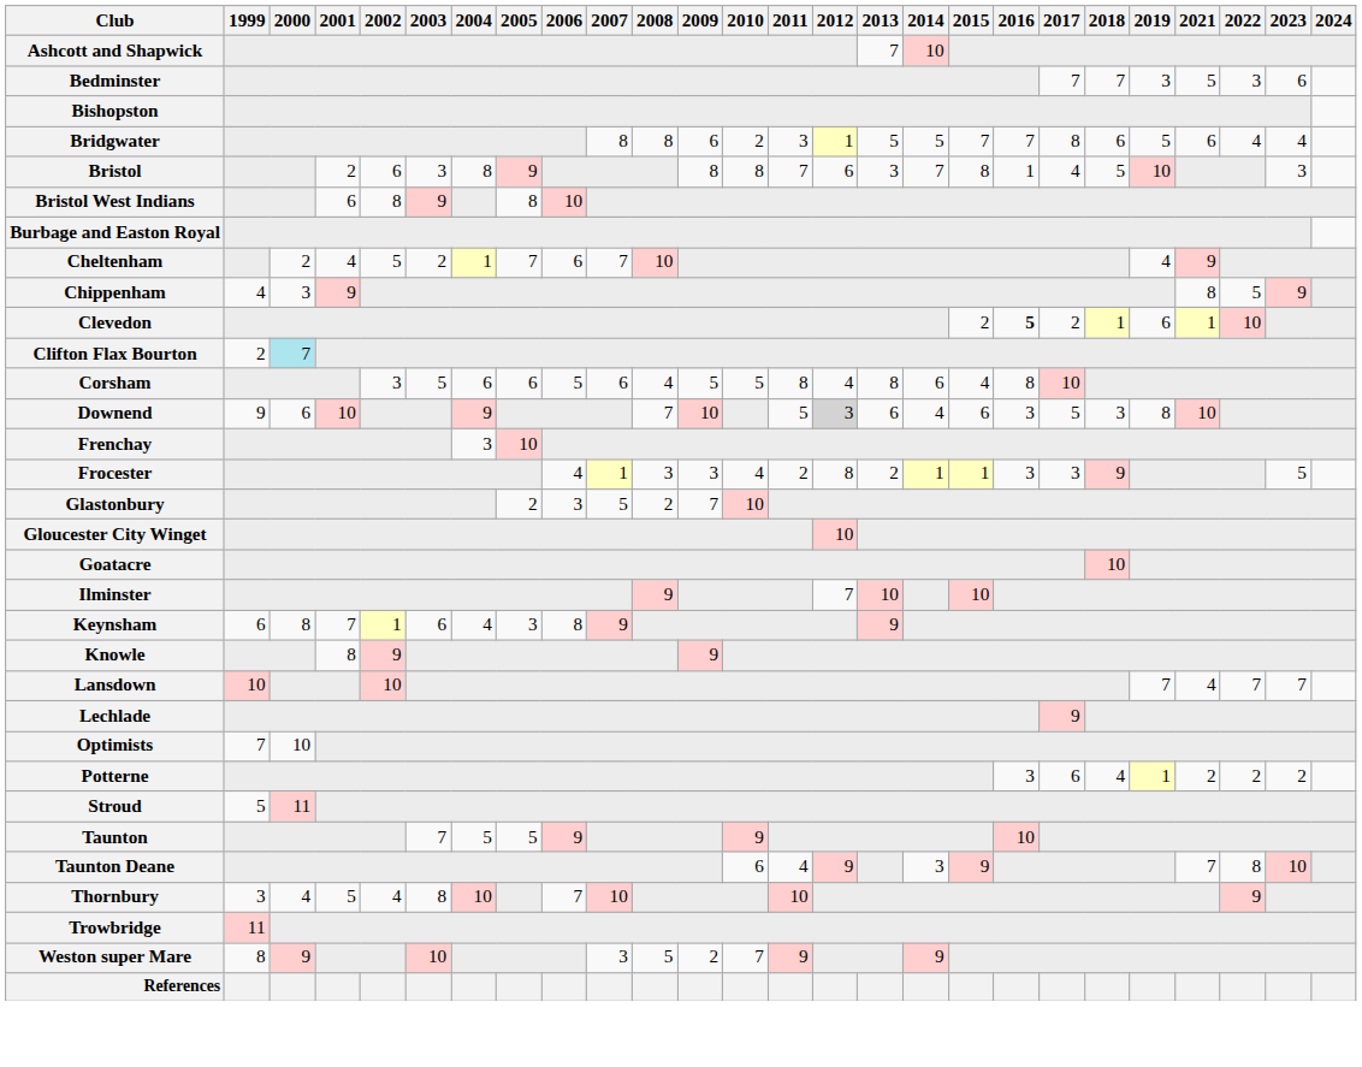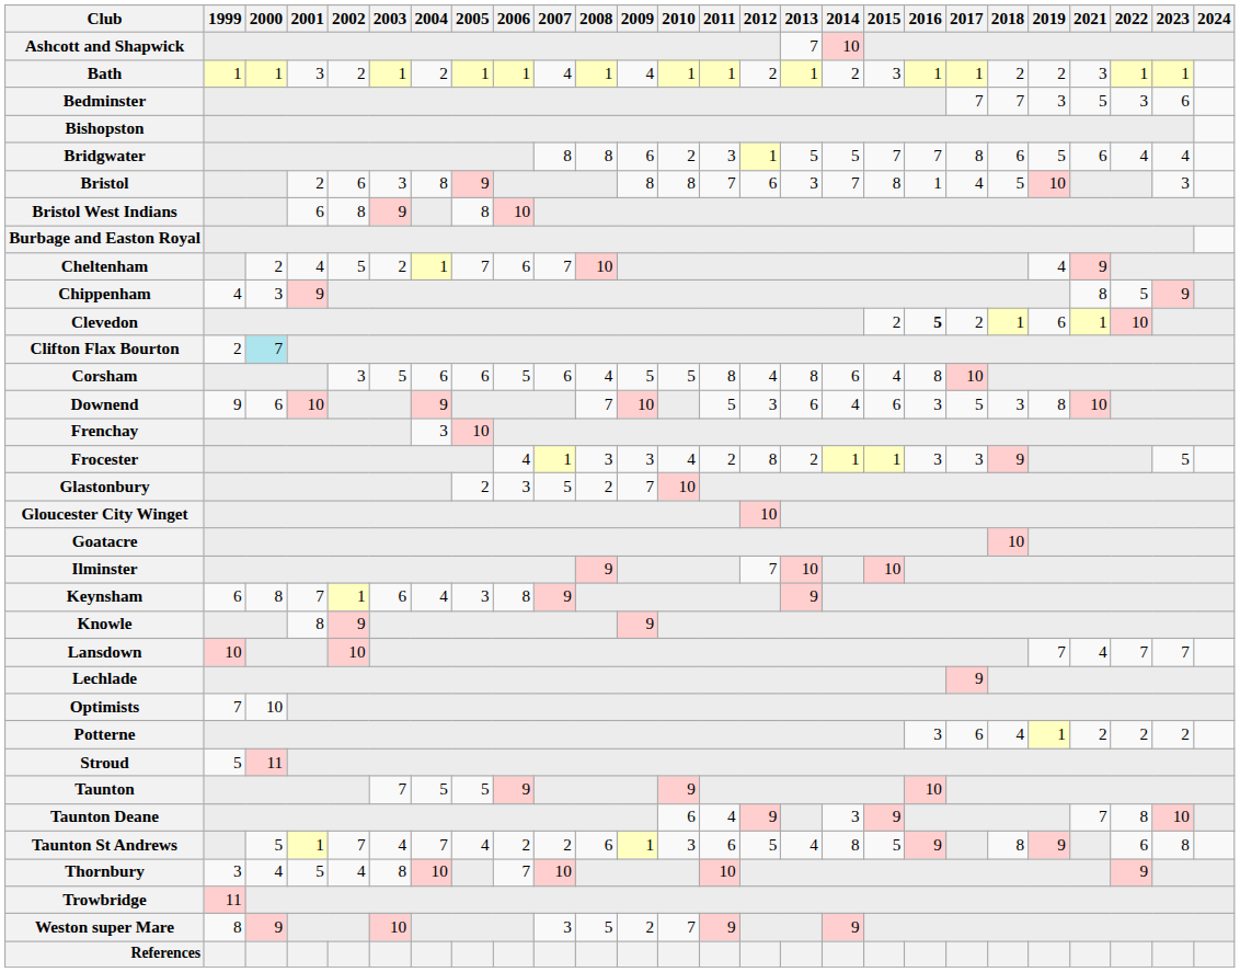 <table class="wikitable plainrowheaders" style="font-size:85%; text-align: right;">
 <tr>
 <th scope="col">Club</th>
 <th scope="col">1999</th>
 <th scope="col">2000</th>
 <th scope="col">2001</th>
 <th scope="col">2002</th>
 <th scope="col">2003</th>
 <th scope="col">2004</th>
 <th scope="col">2005</th>
 <th scope="col">2006</th>
 <th scope="col">2007</th>
 <th scope="col">2008</th>
 <th scope="col">2009</th>
 <th scope="col">2010</th>
 <th scope="col">2011</th>
 <th scope="col">2012</th>
 <th scope="col">2013</th>
 <th scope="col">2014</th>
 <th scope="col">2015</th>
 <th scope="col">2016</th>
 <th scope="col">2017</th>
 <th scope="col">2018</th>
 <th scope="col">2019</th>
 <th scope="col">2021</th>
 <th scope="col">2022</th>
 <th scope="col">2023</th>
 <th scope="col">2024</th>
 </tr>
 <tr>
 <th scope="row">Ashcott and Shapwick</th>
 <td bgcolor="#ececec" colspan="14"></td>
 <td>7</td>
 <td bgcolor="#ffcfcf">10</td>
 <td bgcolor="#ececec" colspan="9"></td>
+</tr>
+<tr>
+<th scope="row">Bath</th>
+<td bgcolor="#ffffbf">1</td>
+<td bgcolor="#ffffbf">1</td>
+<td>3</td>
+<td>2</td>
+<td bgcolor="#ffffbf">1</td>
+<td>2</td>
+<td bgcolor="#ffffbf">1</td>
+<td bgcolor="#ffffbf">1</td>
+<td>4</td>
+<td bgcolor="#ffffbf">1</td>
+<td>4</td>
+<td bgcolor="#ffffbf">1</td>
+<td bgcolor="#ffffbf">1</td>
+<td>2</td>
+<td bgcolor="#ffffbf">1</td>
+<td>2</td>
+<td>3</td>
+<td bgcolor="#ffffbf">1</td>
+<td bgcolor="#ffffbf">1</td>
+<td>2</td>
+<td>2</td>
+<td>3</td>
+<td bgcolor="#ffffbf">1</td>
+<td bgcolor="#ffffbf">1</td>
+<td></td>
 </tr>
 <tr>
 <th scope="row">Bedminster</th>
 <td bgcolor="#ececec" colspan="18"></td>
 <td>7</td>
 <td>7</td>
 <td>3</td>
 <td>5</td>
 <td>3</td>
 <td>6</td>
 <td></td>
 </tr>
 <tr>
 <th scope="row">Bishopston</th>
 <td bgcolor="#ececec" colspan="24"></td>
 <td></td>
 </tr>
 <tr>
 <th scope="row">Bridgwater</th>
 <td bgcolor="#ececec" colspan="8"></td>
 <td>8</td>
 <td>8</td>
 <td>6</td>
 <td>2</td>
 <td>3</td>
 <td bgcolor="#ffffbf">1</td>
 <td>5</td>
 <td>5</td>
 <td>7</td>
 <td>7</td>
 <td>8</td>
 <td>6</td>
 <td>5</td>
 <td>6</td>
 <td>4</td>
 <td>4</td>
 <td></td>
 </tr>
 <tr>
 <th scope="row">Bristol </th>
 <td bgcolor="#ececec" colspan="2"></td>
 <td>2</td>
 <td>6</td>
 <td>3</td>
 <td>8</td>
 <td bgcolor="#ffcfcf">9</td>
 <td bgcolor="#ececec" colspan="3"></td>
 <td>8</td>
 <td>8</td>
 <td>7</td>
 <td>6</td>
 <td>3</td>
 <td>7</td>
 <td>8</td>
 <td>1</td>
 <td>4</td>
 <td>5</td>
 <td bgcolor="#ffcfcf">10</td>
 <td bgcolor="#ececec" colspan="2"></td>
 <td>3</td>
 <td></td>
 </tr>
 <tr>
 <th scope="row">Bristol West Indians</th>
 <td bgcolor="#ececec" colspan="2"></td>
 <td>6</td>
 <td>8</td>
 <td bgcolor="#ffcfcf">9</td>
 <td bgcolor="#ececec"></td>
 <td>8</td>
 <td bgcolor="#ffcfcf">10</td>
 <td bgcolor="#ececec" colspan="17"></td>
 </tr>
 <tr>
 <th scope="row">Burbage and Easton Royal</th>
 <td bgcolor="#ececec" colspan="24"></td>
 <td></td>
 </tr>
 <tr>
 <th scope="row">Cheltenham</th>
 <td bgcolor="#ececec"></td>
 <td>2</td>
 <td>4</td>
 <td>5</td>
 <td>2</td>
 <td bgcolor="#ffffbf">1</td>
 <td>7</td>
 <td>6</td>
 <td>7</td>
 <td bgcolor="#ffcfcf">10</td>
 <td bgcolor="#ececec" colspan="10"></td>
 <td>4</td>
 <td bgcolor="#ffcfcf">9</td>
 <td bgcolor="#ececec" colspan="3"></td>
 </tr>
 <tr>
 <th scope="row">Chippenham</th>
 <td>4</td>
 <td>3</td>
 <td bgcolor="#ffcfcf">9</td>
 <td bgcolor="#ececec" colspan="18"></td>
 <td>8</td>
 <td>5</td>
 <td bgcolor="#ffcfcf">9</td>
 <td bgcolor="#ececec" colspan="1"></td>
 </tr>
 <tr>
 <th scope="row">Clevedon</th>
 <td bgcolor="#ececec" colspan="16"></td>
 <td>2</td>
 <td><strong>5</strong></td>
 <td>2</td>
 <td bgcolor="#ffffbf">1</td>
 <td>6</td>
 <td bgcolor="#ffffbf">1</td>
 <td bgcolor="#ffcfcf">10</td>
 <td bgcolor="#ececec" colspan="2"></td>
 </tr>
 <tr>
 <th scope="row">Clifton Flax Bourton </th>
 <td>2</td>
 <td bgcolor="#ace5ee">7</td>
 <td bgcolor="#ececec" colspan="23"></td>
 </tr>
 <tr>
 <th scope="row">Corsham</th>
 <td bgcolor="#ececec" colspan="3"></td>
 <td>3</td>
 <td>5</td>
 <td>6</td>
 <td>6</td>
 <td>5</td>
 <td>6</td>
 <td>4</td>
 <td>5</td>
 <td>5</td>
 <td>8</td>
 <td>4</td>
 <td>8</td>
 <td>6</td>
 <td>4</td>
 <td>8</td>
 <td bgcolor="#ffcfcf">10</td>
 <td bgcolor="#ececec" colspan="6"></td>
 </tr>
 <tr>
 <th scope="row">Downend</th>
 <td>9</td>
 <td>6</td>
 <td bgcolor="#ffcfcf">10</td>
 <td bgcolor="#ececec" colspan="2"></td>
 <td bgcolor="#ffcfcf">9</td>
 <td bgcolor="#ececec" colspan="3"></td>
 <td>7</td>
 <td bgcolor="#ffcfcf">10</td>
 <td bgcolor="#ececec"></td>
 <td>5</td>
-<td style="background: lightgrey;">3</td>
+<td>3</td>
 <td>6</td>
 <td>4</td>
 <td>6</td>
 <td>3</td>
 <td>5</td>
 <td>3</td>
 <td>8</td>
 <td bgcolor="#ffcfcf">10</td>
 <td bgcolor="#ececec" colspan="3"></td>
 </tr>
 <tr>
 <th scope="row">Frenchay</th>
 <td bgcolor="#ececec" colspan="5"></td>
 <td>3</td>
 <td bgcolor="#ffcfcf">10</td>
 <td bgcolor="#ececec" colspan="18"></td>
 </tr>
 <tr>
 <th scope="row">Frocester</th>
 <td bgcolor="#ececec" colspan="7"></td>
 <td>4</td>
 <td bgcolor="#ffffbf">1</td>
 <td>3</td>
 <td>3</td>
 <td>4</td>
 <td>2</td>
 <td>8</td>
 <td>2</td>
 <td bgcolor="#ffffbf">1</td>
 <td bgcolor="#ffffbf">1</td>
 <td>3</td>
 <td>3</td>
 <td bgcolor="#ffcfcf">9</td>
 <td bgcolor="#ececec" colspan="3"></td>
 <td>5</td>
 <td></td>
 </tr>
 <tr>
 <th scope="row">Glastonbury</th>
 <td bgcolor="#ececec" colspan="6"></td>
 <td>2</td>
 <td>3</td>
 <td>5</td>
 <td>2</td>
 <td>7</td>
 <td bgcolor="#ffcfcf">10</td>
 <td bgcolor="#ececec" colspan="13"></td>
 </tr>
 <tr>
 <th scope="row">Gloucester City Winget</th>
 <td bgcolor="#ececec" colspan="13"></td>
 <td bgcolor="#ffcfcf">10</td>
 <td bgcolor="#ececec" colspan="11"></td>
 </tr>
 <tr>
 <th scope="row">Goatacre</th>
 <td bgcolor="#ececec" colspan="19"></td>
 <td bgcolor="#ffcfcf">10</td>
 <td bgcolor="#ececec" colspan="5"></td>
 </tr>
 <tr>
 <th scope="row">Ilminster</th>
 <td bgcolor="#ececec" colspan="9"></td>
 <td bgcolor="#ffcfcf">9</td>
 <td bgcolor="#ececec" colspan="3"></td>
 <td>7</td>
 <td bgcolor="#ffcfcf">10</td>
 <td bgcolor="#ececec"></td>
 <td bgcolor="#ffcfcf">10</td>
 <td bgcolor="#ececec" colspan="8"></td>
 </tr>
 <tr>
 <th scope="row">Keynsham</th>
 <td>6</td>
 <td>8</td>
 <td>7</td>
 <td bgcolor="#ffffbf">1</td>
 <td>6</td>
 <td>4</td>
 <td>3</td>
 <td>8</td>
 <td bgcolor="#ffcfcf">9</td>
 <td bgcolor="#ececec" colspan="5"></td>
 <td bgcolor="#ffcfcf">9</td>
 <td bgcolor="#ececec" colspan="10"></td>
 </tr>
 <tr>
 <th scope="row">Knowle</th>
 <td bgcolor="#ececec" colspan="2"></td>
 <td>8</td>
 <td bgcolor="#ffcfcf">9</td>
 <td bgcolor="#ececec" colspan="6"></td>
 <td bgcolor="#ffcfcf">9</td>
 <td bgcolor="#ececec" colspan="14"></td>
 </tr>
 <tr>
 <th scope="row">Lansdown</th>
 <td bgcolor="#ffcfcf">10</td>
 <td bgcolor="#ececec" colspan="2"></td>
 <td bgcolor="#ffcfcf">10</td>
 <td bgcolor="#ececec" colspan="16"></td>
 <td>7</td>
 <td>4</td>
 <td>7</td>
 <td>7</td>
 <td></td>
 </tr>
 <tr>
 <th scope="row">Lechlade</th>
 <td bgcolor="#ececec" colspan="18"></td>
 <td bgcolor="#ffcfcf">9</td>
 <td bgcolor="#ececec" colspan="6"></td>
 </tr>
 <tr>
 <th scope="row">Optimists </th>
 <td>7</td>
 <td>10</td>
 <td bgcolor="#ececec" colspan="23"></td>
 </tr>
 <tr>
 <th scope="row">Potterne</th>
 <td bgcolor="#ececec" colspan="17"></td>
 <td>3</td>
 <td>6</td>
 <td>4</td>
 <td bgcolor="#ffffbf">1</td>
 <td>2</td>
 <td>2</td>
 <td>2</td>
 <td></td>
 </tr>
 <tr>
 <th scope="row">Stroud</th>
 <td>5</td>
 <td bgcolor="#ffcfcf">11</td>
 <td bgcolor="#ececec" colspan="23"></td>
 </tr>
 <tr>
 <th scope="row">Taunton</th>
 <td bgcolor="#ececec" colspan="4"></td>
 <td>7</td>
 <td>5</td>
 <td>5</td>
 <td bgcolor="#ffcfcf">9</td>
 <td bgcolor="#ececec" colspan="3"></td>
 <td bgcolor="#ffcfcf">9</td>
 <td bgcolor="#ececec" colspan="5"></td>
 <td bgcolor="#ffcfcf">10</td>
 <td bgcolor="#ececec" colspan="7"></td>
 </tr>
 <tr>
 <th scope="row">Taunton Deane</th>
 <td bgcolor="#ececec" colspan="11"></td>
 <td>6</td>
 <td>4</td>
 <td bgcolor="#ffcfcf">9</td>
 <td bgcolor="#ececec"></td>
 <td>3</td>
 <td bgcolor="#ffcfcf">9</td>
 <td bgcolor="#ececec" colspan="4"></td>
 <td>7</td>
 <td>8</td>
 <td bgcolor="#ffcfcf">10</td>
 <td bgcolor="#ececec" colspan="1"></td>
 </tr>
 <tr>
+<th scope="row">Taunton St Andrews</th>
+<td bgcolor="#ececec"></td>
+<td>5</td>
+<td bgcolor="#ffffbf">1</td>
+<td>7</td>
+<td>4</td>
+<td>7</td>
+<td>4</td>
+<td>2</td>
+<td>2</td>
+<td>6</td>
+<td bgcolor="#ffffbf">1</td>
+<td>3</td>
+<td>6</td>
+<td>5</td>
+<td>4</td>
+<td>8</td>
+<td>5</td>
+<td bgcolor="#ffcfcf">9</td>
+<td bgcolor="#ececec"></td>
+<td>8</td>
+<td bgcolor="#ffcfcf">9</td>
+<td bgcolor="#ececec" colspan="1"></td>
+<td>6</td>
+<td>8</td>
+<td></td>
+</tr>
+<tr>
 <th scope="row">Thornbury</th>
 <td>3</td>
 <td>4</td>
 <td>5</td>
 <td>4</td>
 <td>8</td>
 <td bgcolor="#ffcfcf">10</td>
 <td bgcolor="#ececec"></td>
 <td>7</td>
 <td bgcolor="#ffcfcf">10</td>
 <td bgcolor="#ececec" colspan="3"></td>
 <td bgcolor="#ffcfcf">10</td>
 <td bgcolor="#ececec" colspan="9"></td>
 <td bgcolor="#ffcfcf">9</td>
 <td bgcolor="#ececec" colspan="2"></td>
 </tr>
 <tr>
 <th scope="row">Trowbridge</th>
 <td bgcolor="#ffcfcf">11</td>
 <td bgcolor="#ececec" colspan="24"></td>
 </tr>
 <tr>
 <th scope="row">Weston super Mare</th>
 <td>8</td>
 <td bgcolor="#ffcfcf">9</td>
 <td bgcolor="#ececec" colspan="2"></td>
 <td bgcolor="#ffcfcf">10</td>
 <td bgcolor="#ececec" colspan="3"></td>
 <td>3</td>
 <td>5</td>
 <td>2</td>
 <td>7</td>
 <td bgcolor="#ffcfcf">9</td>
 <td bgcolor="#ececec" colspan="2"></td>
 <td bgcolor="#ffcfcf">9</td>
 <td bgcolor="#ececec" colspan="9"></td>
 </tr>
 <tr style="font-size:90%; text-align:center">
 <th scope="row" style="text-align: right">References</th>
 <th scope="col"></th>
 <th scope="col"></th>
 <th scope="col"></th>
 <th scope="col"></th>
 <th scope="col"></th>
 <th scope="col"></th>
 <th scope="col"></th>
 <th scope="col"></th>
 <th scope="col"></th>
 <th scope="col"></th>
 <th scope="col"></th>
 <th scope="col"></th>
 <th scope="col"></th>
 <th scope="col"></th>
 <th scope="col"></th>
 <th scope="col"></th>
 <th scope="col"></th>
 <th scope="col"></th>
 <th scope="col"></th>
 <th scope="col"></th>
 <th scope="col"></th>
 <th scope="col"></th>
 <th scope="col"></th>
 <th scope="col"></th>
 <th scope="col"></th>
 </tr>
 </table>
